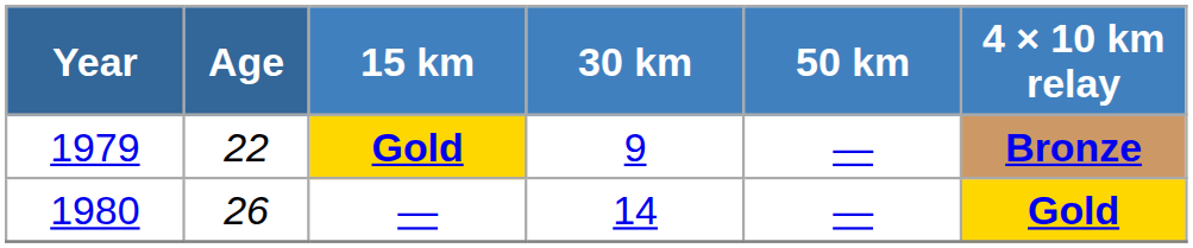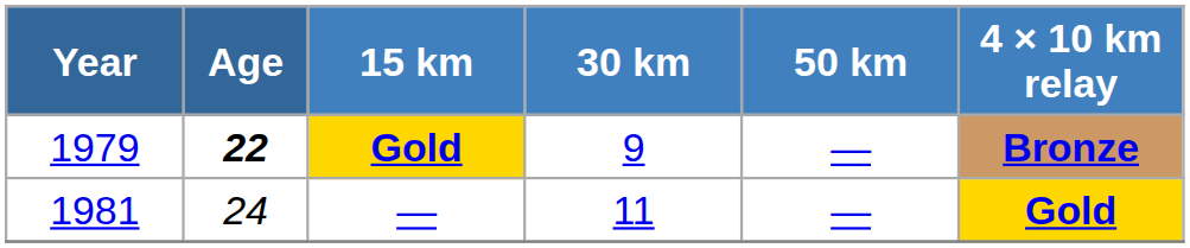 <table class="wikitable" style="font-size:95%; text-align:center; border:grey solid 1px; border-collapse:collapse; background:#ffffff;">
 <tr>
 <th style="background-color:#369; color:white; width:60px;"> Year </th>
 <th style="background-color:#369; color:white; width:40px;"> Age </th>
 <th style="background-color:#4180be; color:white; width:75px;"> 15 km </th>
 <th style="background-color:#4180be; color:white; width:75px;"> 30 km </th>
 <th style="background-color:#4180be; color:white; width:75px;"> 50 km </th>
 <th style="background-color:#4180be; color:white; width:75px;"> 4 × 10 km <br> relay </th>
 </tr>
 <tr>
 <td><a href='#'>1979</a></td>
-<td><em>22</em></td>
+<td><strong><em>22</em></strong></td>
 <td style="background:gold;"><a href='#'><strong>Gold</strong></a></td>
 <td><a href='#'>9</a></td>
 <td><a href='#'>—</a></td>
 <td bgcolor="cc9966"><a href='#'><strong>Bronze</strong></a></td>
 </tr>
 <tr>
-<td><a href='#'>1980</a></td>
-<td><em>26</em></td>
+<td><a href='#'>1981</a></td>
+<td><em>24</em></td>
 <td><a href='#'>—</a></td>
-<td><a href='#'>14</a></td>
+<td><a href='#'>11</a></td>
 <td><a href='#'>—</a></td>
 <td style="background:gold;"><a href='#'><strong>Gold</strong></a></td>
 </tr>
 <tr>
 </tr>
 </table>
